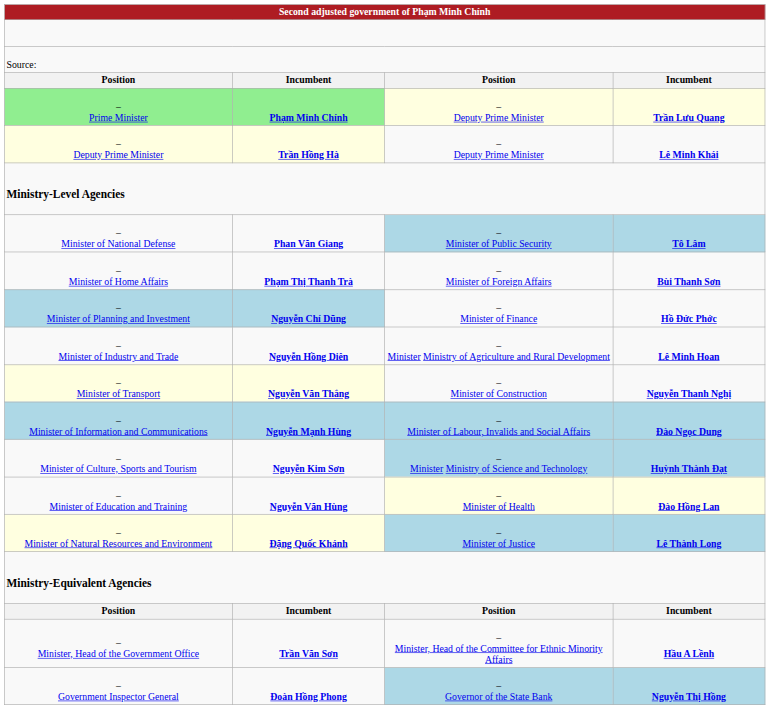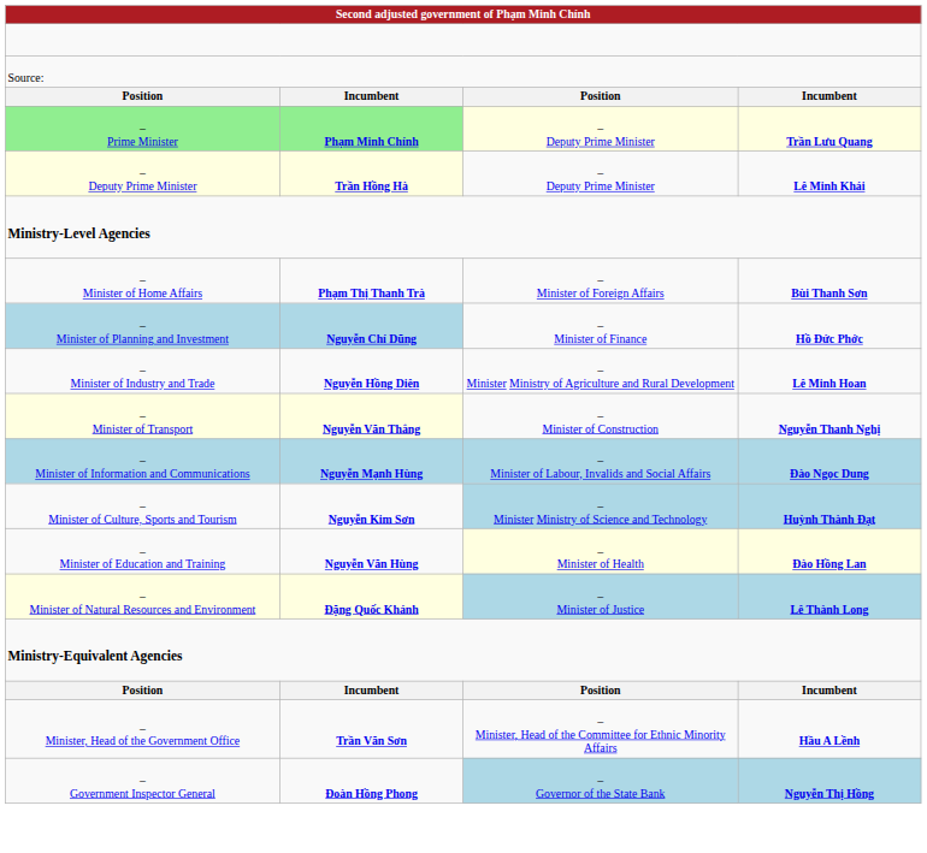 <table class="wikitable mw-collapsible mw-collapsed" style="text-align:center">
 <tr>
 <th colspan="4" style="text-align:center; font-size:100%; color:white; background:#AE1C23;">Second adjusted government of Phạm Minh Chính</th>
 </tr>
 <tr>
 <td colspan="4" style="text-align:left"><br> <br></td>
 </tr>
 <tr>
 <td colspan="4" style="text-align:left"><br>Source:</td>
 </tr>
 <tr>
 <th scope="col" style="width: 30%;">Position<br></th>
 <th scope="col" style="width: 20%;">Incumbent</th>
 <th scope="col" style="width: 30%;">Position<br></th>
 <th scope="col" style="width: 20%;">Incumbent</th>
 </tr>
 <tr>
 <td style="background: #90EE90;"><br>–<br><a href='#'>Prime Minister</a><br></td>
 <td style="background: #90EE90;"><br><br><strong><a href='#'>Phạm Minh Chính</a></strong><br></td>
 <td style="background:LightYellow;"><br>–<br><a href='#'>Deputy Prime Minister</a><br></td>
 <td style="background:LightYellow;"> <br>  <br> <strong><a href='#'>Trần Lưu Quang</a></strong> <br> </td>
 </tr>
 <tr>
 <td style="background:LightYellow;"><br>–<br><a href='#'>Deputy Prime Minister</a><br></td>
 <td style="background:LightYellow;"><br><br> <strong><a href='#'>Trần Hồng Hà</a></strong><br></td>
 <td><br>–<br><a href='#'>Deputy Prime Minister</a><br></td>
 <td><br><br><strong><a href='#'>Lê Minh Khái</a></strong><br></td>
 </tr>
 <tr>
 <td colspan="4" style="text-align:left"><br><h3>Ministry-Level Agencies</h3></td>
-</tr>
-<tr>
-<td><br>–<br><a href='#'>Minister of National Defense</a> <br></td>
-<td><br><br><strong><a href='#'>Phan Văn Giang</a></strong><br></td>
-<td style="background:lightblue;"><br>–<br><a href='#'>Minister of Public Security</a><br></td>
-<td style="background:lightblue;"><br><br><strong><a href='#'>Tô Lâm</a></strong><br></td>
 </tr>
 <tr>
 <td><br>–<br><a href='#'>Minister of Home Affairs</a><br></td>
 <td><br><br><strong><a href='#'>Phạm Thị Thanh Trà</a></strong><br></td>
 <td><br>–<br><a href='#'>Minister of Foreign Affairs</a><br></td>
 <td><br><br><strong><a href='#'>Bùi Thanh Sơn</a></strong><br></td>
 </tr>
 <tr>
 <td style="background:lightblue;"><br>–<br><a href='#'>Minister of Planning and Investment</a><br></td>
 <td style="background:lightblue;"><br><br><strong><a href='#'>Nguyễn Chí Dũng</a></strong><br></td>
 <td><br>–<br><a href='#'>Minister of Finance</a><br></td>
 <td><br><br><strong><a href='#'>Hồ Đức Phớc</a></strong><br></td>
 </tr>
 <tr>
 <td><br>–<br><a href='#'>Minister of Industry and Trade</a><br></td>
 <td><br><br> <strong><a href='#'>Nguyễn Hồng Diên</a></strong><br></td>
 <td><br>–<br><a href='#'>Minister</a> <a href='#'>Ministry of Agriculture and Rural Development</a><br></td>
 <td><br><br><strong><a href='#'>Lê Minh Hoan</a></strong><br></td>
 </tr>
 <tr>
 <td style="background:LightYellow;"><br>–<br><a href='#'>Minister of Transport</a><br></td>
 <td style="background:LightYellow;"><br><br><strong><a href='#'>Nguyễn Văn Thắng</a></strong><br></td>
 <td><br>–<br><a href='#'>Minister of Construction</a><br></td>
 <td><br> <br><strong><a href='#'>Nguyễn Thanh Nghị</a></strong><br></td>
 </tr>
 <tr>
 <td style="background:lightblue;"><br>–<br><a href='#'>Minister of Information and Communications</a><br></td>
 <td style="background:lightblue;"><br><br> <strong><a href='#'>Nguyễn Mạnh Hùng</a></strong><br></td>
 <td style="background:lightblue;"><br>–<br><a href='#'>Minister of Labour, Invalids and Social Affairs</a><br></td>
 <td style="background:lightblue;"><br><br><strong><a href='#'>Đào Ngọc Dung</a></strong><br></td>
 </tr>
 <tr>
 <td><br>–<br><a href='#'>Minister of Culture, Sports and Tourism</a><br></td>
 <td><br><br> <strong><a href='#'>Nguyễn Kim Sơn</a></strong><br></td>
 <td style="background:lightblue;"><br>–<br><a href='#'>Minister</a> <a href='#'>Ministry of Science and Technology</a><br></td>
 <td style="background:lightblue;"><br> <br><strong><a href='#'>Huỳnh Thành Đạt</a></strong><br></td>
 </tr>
 <tr>
 <td><br>–<br><a href='#'>Minister of Education and Training</a><br></td>
 <td><br><br><strong><a href='#'>Nguyễn Văn Hùng</a></strong><br></td>
 <td style="background:LightYellow;"><br>–<br><a href='#'>Minister of Health</a><br></td>
 <td style="background:LightYellow;"><br><br><strong><a href='#'>Đào Hồng Lan</a></strong><br></td>
 </tr>
 <tr>
 <td style="background:LightYellow;"><br>–<br><a href='#'>Minister of Natural Resources and Environment</a><br></td>
 <td style="background:LightYellow;"><br><br><strong><a href='#'>Đặng Quốc Khánh</a></strong><br></td>
 <td style="background:lightblue;"><br>–<br><a href='#'>Minister of Justice</a><br></td>
 <td style="background:lightblue;"><br> <br><strong><a href='#'>Lê Thành Long</a></strong><br></td>
 </tr>
 <tr>
 <td colspan="4" style="text-align:left"><br><h3>Ministry-Equivalent Agencies</h3></td>
 </tr>
 <tr>
 <th>Position<br></th>
 <th>Incumbent</th>
 <th>Position<br></th>
 <th>Incumbent</th>
 </tr>
 <tr>
 <td> <br>–<br> <a href='#'>Minister, Head of the Government Office</a> <br> </td>
 <td> <br>  <br> <strong><a href='#'>Trần Văn Sơn</a></strong> <br> </td>
 <td> <br>–<br> <a href='#'>Minister, Head of the Committee for Ethnic Minority Affairs</a> <br></td>
 <td><br>  <br> <strong><a href='#'>Hầu A Lềnh</a></strong> <br> </td>
 </tr>
 <tr>
 <td> <br>–<br> <a href='#'>Government Inspector General</a><br> </td>
 <td> <br>  <br>  <strong><a href='#'>Đoàn Hồng Phong</a></strong> <br> </td>
 <td style="background:lightblue;"><br>–<br> <a href='#'>Governor of the State Bank</a> <br> </td>
 <td style="background:lightblue;"> <br>  <br> <strong><a href='#'>Nguyễn Thị Hồng</a></strong> <br> </td>
 </tr>
 </table>
